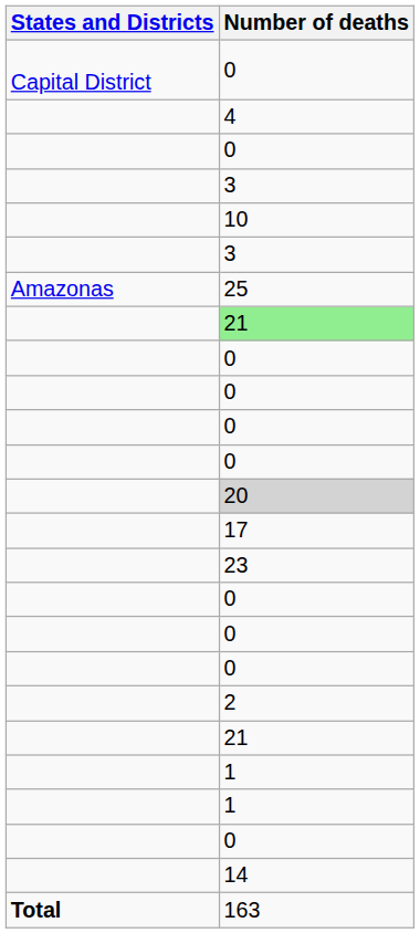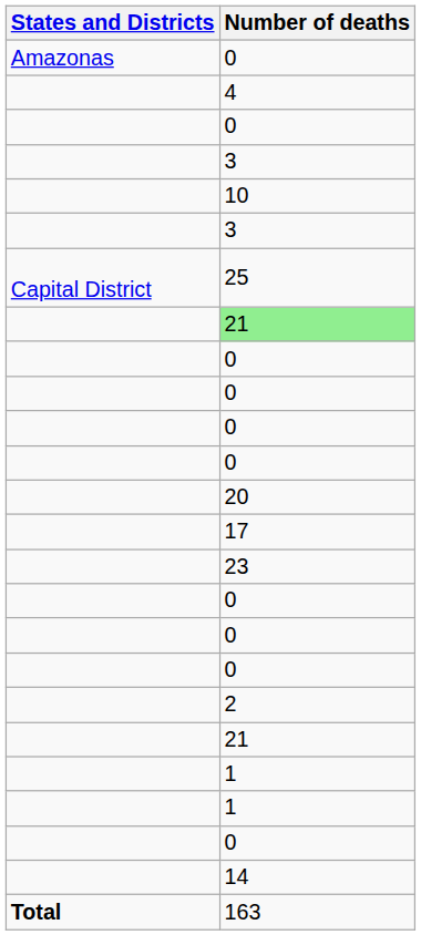 <table class="wikitable sortable"  align=right>
 <tr>
 <th><a href='#'>States and Districts</a></th>
 <th>Number of deaths</th>
 </tr>
 <tr>
-<td><br> <a href='#'>Capital District </a></td>
+<td><a href='#'>Amazonas</a></td>
 <td>0</td>
 </tr>
 <tr>
 <td></td>
 <td>4</td>
 </tr>
 <tr>
 <td></td>
 <td>0</td>
 </tr>
 <tr>
 <td></td>
 <td>3</td>
 </tr>
 <tr>
 <td></td>
 <td>10</td>
 </tr>
 <tr>
 <td></td>
 <td>3</td>
 </tr>
 <tr>
-<td><a href='#'>Amazonas</a></td>
+<td><br> <a href='#'>Capital District </a></td>
 <td>25</td>
 </tr>
 <tr>
 <td></td>
 <td style="background: lightgreen;">21</td>
 </tr>
 <tr>
 <td></td>
 <td>0</td>
 </tr>
 <tr>
 <td></td>
 <td>0</td>
 </tr>
 <tr>
 <td></td>
 <td>0</td>
 </tr>
 <tr>
 <td></td>
 <td>0</td>
 </tr>
 <tr>
 <td></td>
-<td style="background: lightgrey;">20</td>
+<td>20</td>
 </tr>
 <tr>
 <td></td>
 <td>17</td>
 </tr>
 <tr>
 <td></td>
 <td>23</td>
 </tr>
 <tr>
 <td></td>
 <td>0</td>
 </tr>
 <tr>
 <td></td>
 <td>0</td>
 </tr>
 <tr>
 <td></td>
 <td>0</td>
 </tr>
 <tr>
 <td></td>
 <td>2</td>
 </tr>
 <tr>
 <td></td>
 <td>21</td>
 </tr>
 <tr>
 <td></td>
 <td>1</td>
 </tr>
 <tr>
 <td></td>
 <td>1</td>
 </tr>
 <tr>
 <td></td>
 <td>0</td>
 </tr>
 <tr>
 <td></td>
 <td>14</td>
 </tr>
 <tr>
 <td><strong>Total</strong></td>
 <td>163</td>
 </tr>
 </table>
